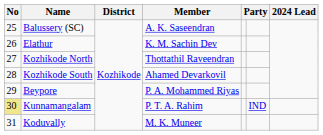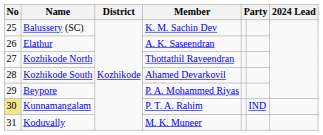 <table class="wikitable sortable">
 <tr>
 <th>No</th>
 <th>Name</th>
 <th>District</th>
 <th>Member</th>
 <th colspan="2">Party</th>
 <th colspan="2">2024 Lead</th>
 </tr>
 <tr>
 <td>25</td>
 <td><a href='#'>Balussery</a> (SC)</td>
 <td rowspan="7"><a href='#'>Kozhikode</a></td>
-<td><a href='#'>A. K. Saseendran</a></td>
+<td><a href='#'>K. M. Sachin Dev</a></td>
 <td></td>
 <td></td>
 </tr>
 <tr>
 <td>26</td>
 <td><a href='#'>Elathur</a></td>
-<td><a href='#'>K. M. Sachin Dev</a></td>
+<td><a href='#'>A. K. Saseendran</a></td>
 <td></td>
 <td></td>
 </tr>
 <tr>
 <td>27</td>
 <td><a href='#'>Kozhikode North</a></td>
 <td><a href='#'>Thottathil Raveendran</a></td>
 <td></td>
 <td></td>
 </tr>
 <tr>
 <td>28</td>
 <td><a href='#'>Kozhikode South</a></td>
 <td><a href='#'>Ahamed Devarkovil</a></td>
 <td></td>
 <td></td>
 </tr>
 <tr>
 <td>29</td>
 <td><a href='#'>Beypore</a></td>
 <td><a href='#'>P. A. Mohammed Riyas</a></td>
 <td></td>
 <td></td>
 </tr>
 <tr>
 <td style="background: khaki;">30</td>
 <td><a href='#'>Kunnamangalam</a></td>
 <td><a href='#'>P. T. A. Rahim</a></td>
 <td style="background-color:"></td>
 <td><a href='#'>IND</a></td>
 <td></td>
 </tr>
 <tr>
 <td>31</td>
 <td><a href='#'>Koduvally</a></td>
 <td><a href='#'>M. K. Muneer</a></td>
 <td></td>
 <td></td>
 </tr>
 </table>
